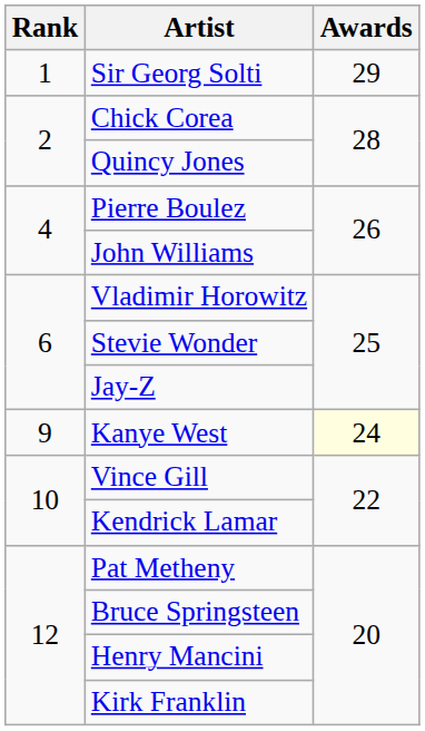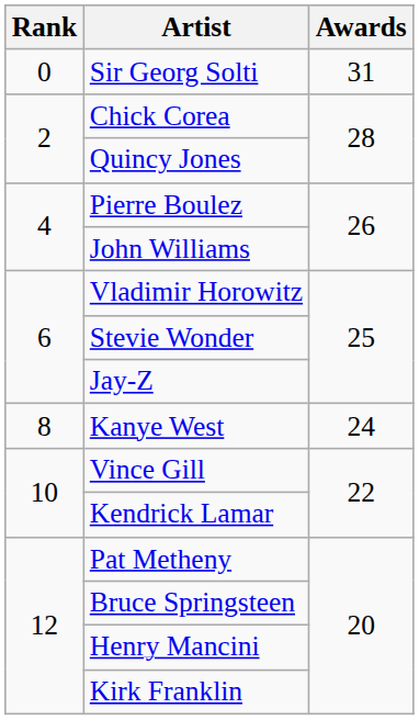 <table class="wikitable" style="text-align: center; cellpadding: 2;">
 <tr>
 <th>Rank</th>
 <th>Artist</th>
 <th>Awards</th>
 </tr>
 <tr>
-<td>1</td>
+<td>0</td>
 <td style="text-align: left;"><a href='#'>Sir Georg Solti</a></td>
-<td>29</td>
+<td>31</td>
 </tr>
 <tr>
 <td rowspan="2">2</td>
 <td style="text-align: left;"><a href='#'>Chick Corea</a></td>
 <td rowspan="2">28</td>
 </tr>
 <tr>
 <td style="text-align: left;"><a href='#'>Quincy Jones</a></td>
 </tr>
 <tr>
 <td rowspan="2">4</td>
 <td style="text-align: left;"><a href='#'>Pierre Boulez</a></td>
 <td rowspan="2">26</td>
 </tr>
 <tr>
 <td style="text-align: left;"><a href='#'>John Williams</a></td>
 </tr>
 <tr>
 <td rowspan="3">6</td>
 <td style="text-align: left;"><a href='#'>Vladimir Horowitz</a></td>
 <td rowspan="3">25</td>
 </tr>
 <tr>
 <td style="text-align: left;"><a href='#'>Stevie Wonder</a></td>
 </tr>
 <tr>
 <td style="text-align: left;"><a href='#'>Jay-Z</a></td>
 </tr>
 <tr>
-<td>9</td>
+<td>8</td>
 <td style="text-align: left;"><a href='#'>Kanye West</a></td>
-<td style="background: lightyellow;">24</td>
+<td>24</td>
 </tr>
 <tr>
 <td rowspan="2">10</td>
 <td style="text-align: left;"><a href='#'>Vince Gill</a></td>
 <td rowspan=2>22</td>
 </tr>
 <tr>
 <td style="text-align: left;"><a href='#'>Kendrick Lamar</a></td>
 </tr>
 <tr>
 <td rowspan="5">12</td>
 <td style="text-align: left;"><a href='#'>Pat Metheny</a></td>
 <td rowspan="5">20</td>
 </tr>
 <tr>
 <td style="text-align: left;"><a href='#'>Bruce Springsteen</a></td>
 </tr>
 <tr>
 <td style="text-align: left;"><a href='#'>Henry Mancini</a></td>
 </tr>
 <tr>
 <td style="text-align: left;"><a href='#'>Kirk Franklin</a></td>
 </tr>
 </table>
